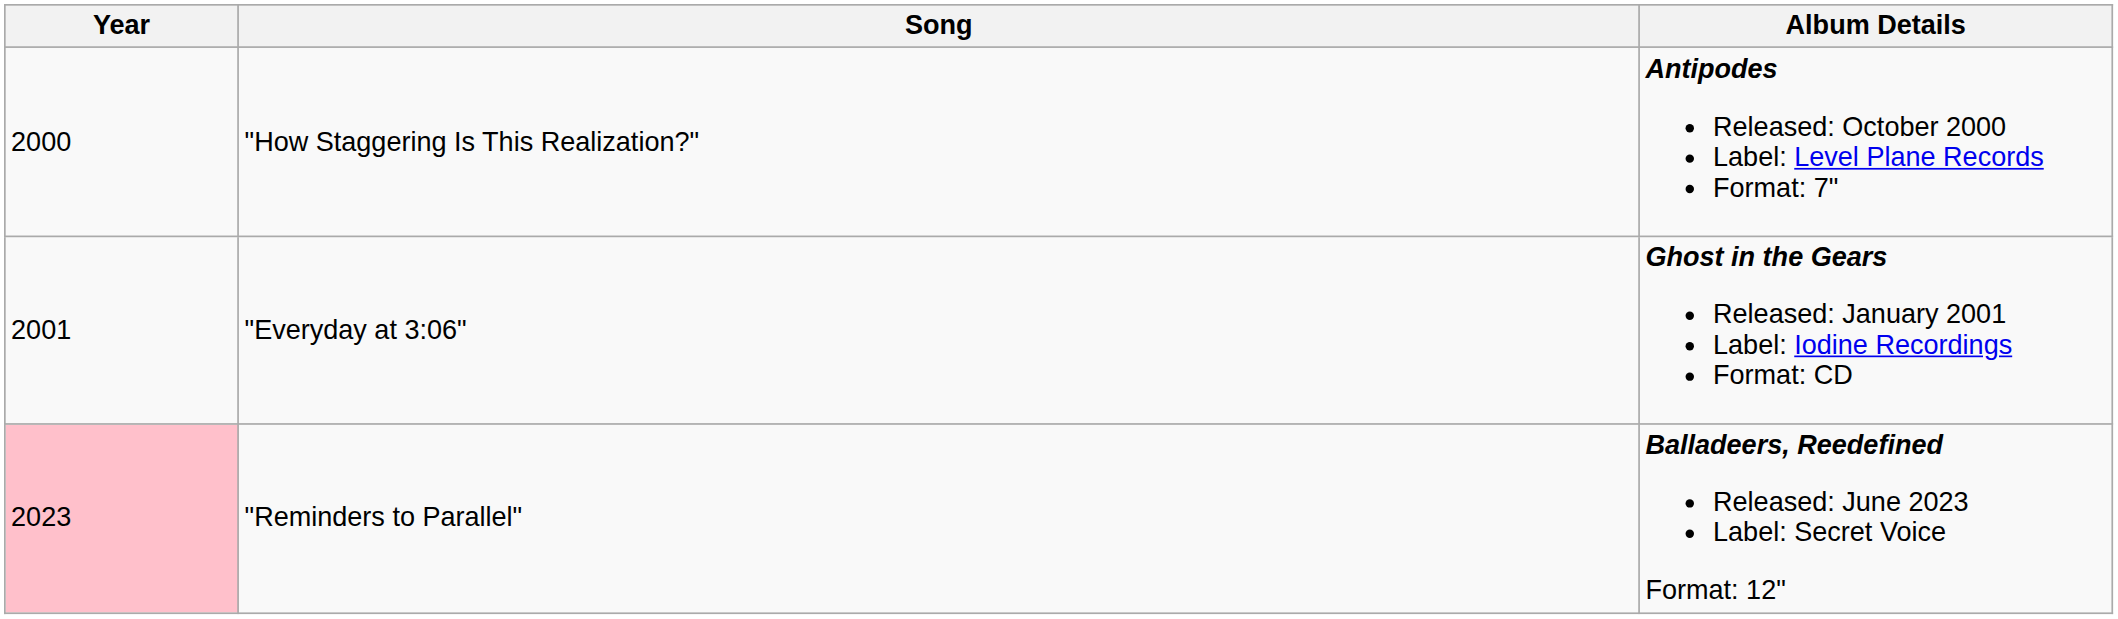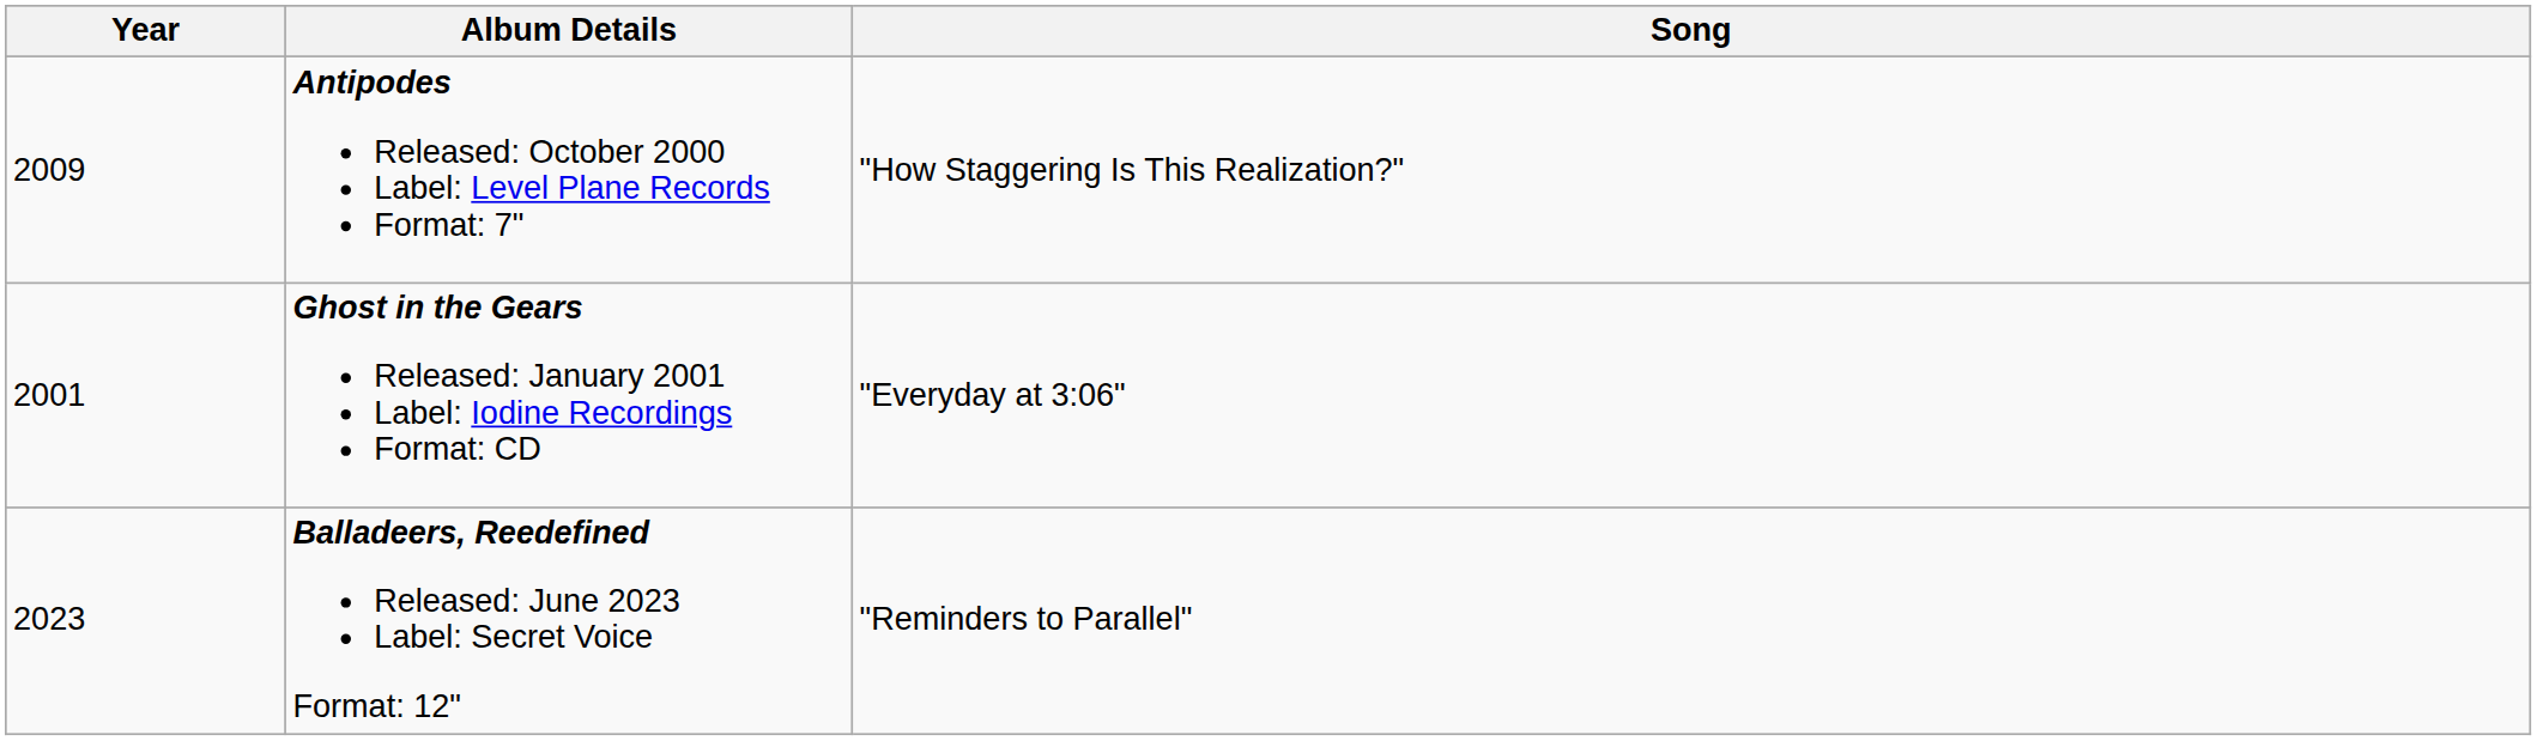 <table class ="wikitable">
 <tr>
 <th style="width: 5%">Year</th>
+<th style="width:10%">Album Details</th>
 <th style="width:30%">Song</th>
-<th style="width:10%">Album Details</th>
 </tr>
 <tr>
-<td>2000</td>
+<td>2009</td>
+<td><strong><em>Antipodes</em></strong><br><ul><li>Released: October 2000</li><li>Label: <a href='#'>Level Plane Records</a></li><li>Format: 7"</li></ul></td>
 <td>"How Staggering Is This Realization?"</td>
-<td><strong><em>Antipodes</em></strong><br><ul><li>Released: October 2000</li><li>Label: <a href='#'>Level Plane Records</a></li><li>Format: 7"</li></ul></td>
 </tr>
 <tr>
 <td>2001</td>
+<td><strong><em>Ghost in the Gears</em></strong><br><ul><li>Released: January 2001</li><li>Label: <a href='#'>Iodine Recordings</a></li><li>Format: CD</li></ul></td>
 <td>"Everyday at 3:06"</td>
-<td><strong><em>Ghost in the Gears</em></strong><br><ul><li>Released: January 2001</li><li>Label: <a href='#'>Iodine Recordings</a></li><li>Format: CD</li></ul></td>
 </tr>
 <tr>
-<td style="background: pink;">2023</td>
+<td>2023</td>
+<td><strong><em>Balladeers, Reedefined </em></strong><br><ul><li>Released: June 2023</li><li>Label: Secret Voice</li></ul>Format: 12"</td>
 <td>"Reminders to Parallel"</td>
-<td><strong><em>Balladeers, Reedefined </em></strong><br><ul><li>Released: June 2023</li><li>Label: Secret Voice</li></ul>Format: 12"</td>
 </tr>
 </table>
